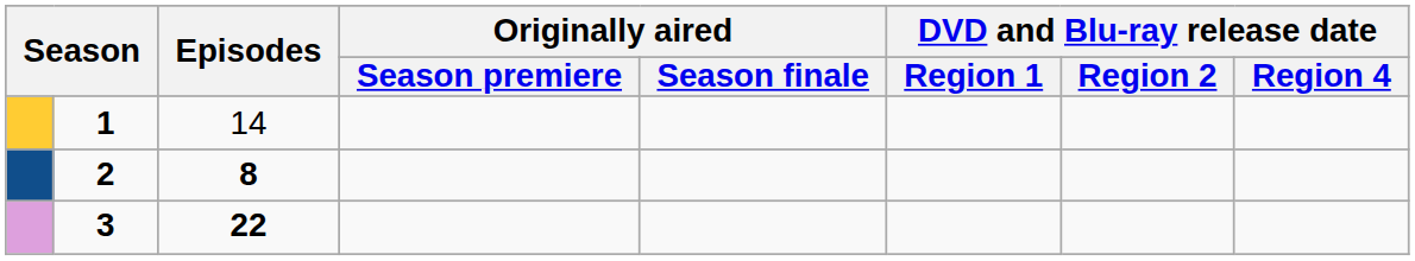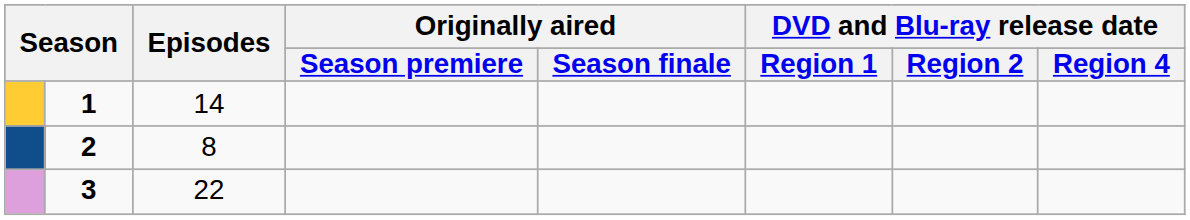 <table class="wikitable" style="text-align:center">
 <tr>
 <th style="padding:0 8px;" colspan="2" rowspan="2">Season</th>
 <th style="padding:0 8px;" rowspan="2">Episodes</th>
 <th colspan="2">Originally aired</th>
 <th colspan="3"><a href='#'>DVD</a> and <a href='#'>Blu-ray</a> release date</th>
 </tr>
 <tr>
 <th style="padding:0 8px;"><a href='#'>Season premiere</a></th>
 <th style="padding:0 8px;"><a href='#'>Season finale</a></th>
 <th style="padding:0 8px;"><a href='#'>Region 1</a></th>
 <th style="padding:0 8px;"><a href='#'>Region 2</a></th>
 <th style="padding:0 8px;"><a href='#'>Region 4</a></th>
 </tr>
 <tr>
 <td bgcolor="#FFCC33"></td>
 <td><strong>1</strong></td>
 <td>14</td>
 <td></td>
 <td></td>
 <td></td>
 <td></td>
 <td></td>
 </tr>
 <tr>
 <td bgcolor="#104E8B"></td>
 <td><strong>2</strong></td>
-<td><strong>8</strong></td>
+<td>8</td>
 <td></td>
 <td></td>
 <td></td>
 <td></td>
 <td></td>
 </tr>
 <tr>
 <td bgcolor="#DDA0DD"></td>
 <td><strong>3</strong></td>
-<td><strong>22</strong></td>
+<td>22</td>
 <td></td>
 <td></td>
 <td></td>
 <td></td>
 <td></td>
 </tr>
 </table>
